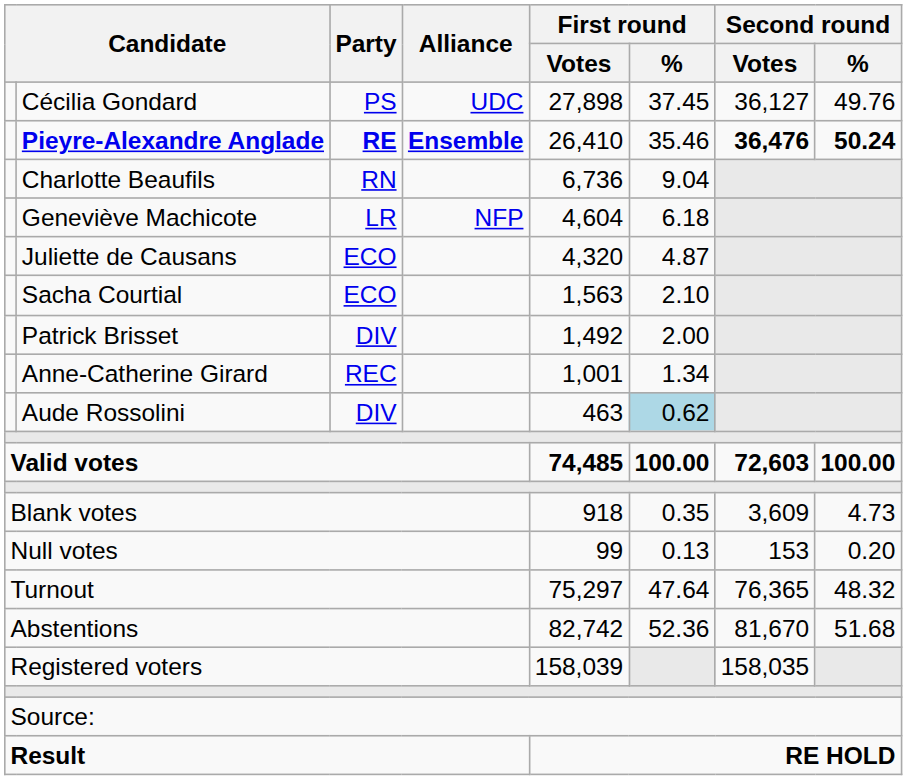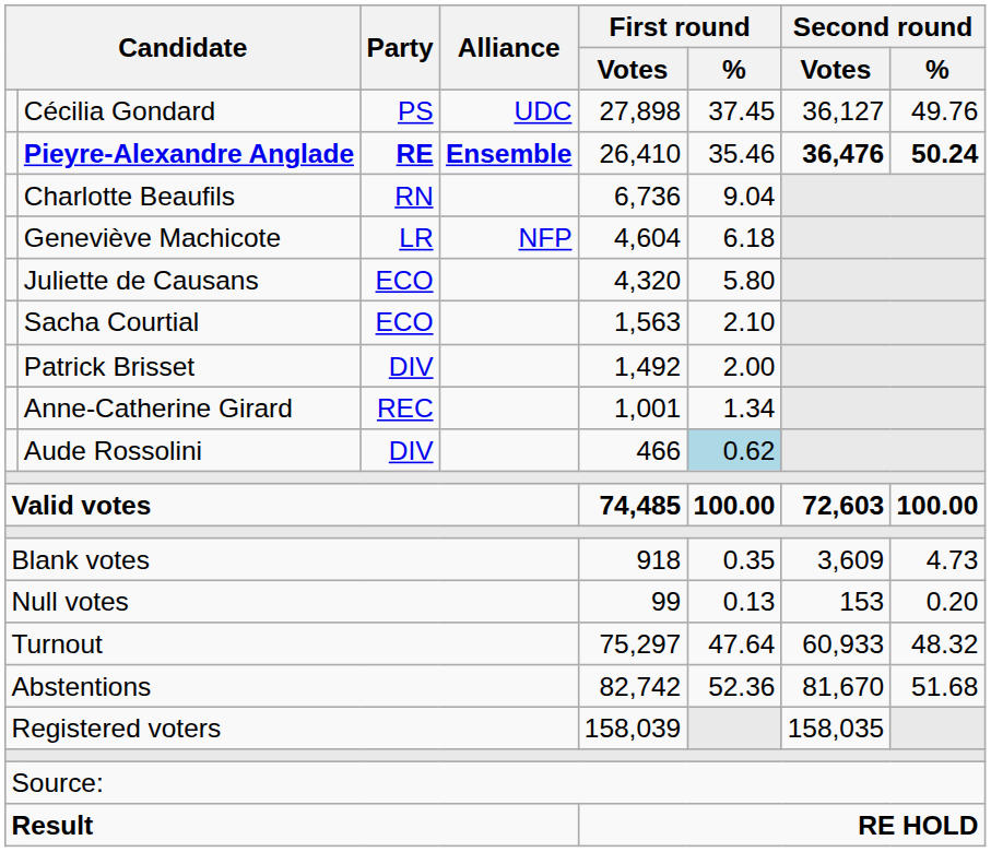 <table class="wikitable" style="text-align:right;font-size:95%;">
 <tr>
 <th colspan="2" rowspan="2">Candidate</th>
 <th colspan="1" rowspan="2">Party</th>
 <th colspan="1" rowspan="2">Alliance</th>
 <th colspan="2">First round</th>
 <th colspan="2">Second round</th>
 </tr>
 <tr>
 <th style="width:50px;">Votes</th>
 <th style="width:45px;">%</th>
 <th style="width:50px;">Votes</th>
 <th style="width:45px;">%</th>
 </tr>
 <tr>
 <td style="color:inherit;background:"></td>
 <td style="text-align:left;">Cécilia Gondard</td>
 <td><a href='#'>PS</a></td>
 <td><a href='#'>UDC</a></td>
 <td>27,898</td>
 <td>37.45</td>
 <td>36,127</td>
 <td>49.76</td>
 </tr>
 <tr>
 <td style="color:inherit;background:"></td>
 <td style="text-align:left;"><strong><a href='#'>Pieyre-Alexandre Anglade</a></strong></td>
 <td><a href='#'><strong>RE</strong></a></td>
 <td><a href='#'><strong>Ensemble</strong></a></td>
 <td>26,410</td>
 <td>35.46</td>
 <td><strong>36,476</strong></td>
 <td><strong>50.24</strong></td>
 </tr>
 <tr>
 <td style="color:inherit;background:"></td>
 <td style="text-align:left;">Charlotte Beaufils</td>
 <td><a href='#'>RN</a></td>
 <td></td>
 <td>6,736</td>
 <td>9.04</td>
 <td colspan="2" rowspan="1" style="background:#E9E9E9;"></td>
 </tr>
 <tr>
 <td style="color:inherit;background:"></td>
 <td style="text-align:left;">Geneviève Machicote</td>
 <td><a href='#'>LR</a></td>
 <td><a href='#'>NFP</a></td>
 <td>4,604</td>
 <td>6.18</td>
 <td colspan="2" rowspan="1" style="background:#E9E9E9;"></td>
 </tr>
 <tr>
 <td style="color:inherit;background:"></td>
 <td style="text-align:left;">Juliette de Causans</td>
 <td><a href='#'>ECO</a></td>
 <td></td>
 <td>4,320</td>
-<td>4.87</td>
+<td>5.80</td>
 <td colspan="2" rowspan="1" style="background:#E9E9E9;"></td>
 </tr>
 <tr>
 <td style="color:inherit;background:"></td>
 <td style="text-align:left;">Sacha Courtial</td>
 <td><a href='#'>ECO</a></td>
 <td></td>
 <td>1,563</td>
 <td>2.10</td>
 <td colspan="2" rowspan="1" style="background:#E9E9E9;"></td>
 </tr>
 <tr>
 <td style="color:inherit;background:"></td>
 <td style="text-align:left;">Patrick Brisset</td>
 <td><a href='#'>DIV</a></td>
 <td></td>
 <td>1,492</td>
 <td>2.00</td>
 <td colspan="2" rowspan="1" style="background:#E9E9E9;"></td>
 </tr>
 <tr>
 <td style="color:inherit;background:"></td>
 <td style="text-align:left;">Anne-Catherine Girard</td>
 <td><a href='#'>REC</a></td>
 <td></td>
 <td>1,001</td>
 <td>1.34</td>
 <td colspan="2" rowspan="1" style="background:#E9E9E9;"></td>
 </tr>
 <tr>
 <td style="color:inherit;background:"></td>
 <td style="text-align:left;">Aude Rossolini</td>
 <td><a href='#'>DIV</a></td>
 <td></td>
-<td>463</td>
+<td>466</td>
 <td style="background: lightblue;">0.62</td>
 <td colspan="2" rowspan="1" style="background:#E9E9E9;"></td>
 </tr>
 <tr>
 <td colspan="8" style="background:#E9E9E9;"></td>
 </tr>
 <tr style="font-weight:bold;">
 <td colspan="4" style="text-align:left;">Valid votes</td>
 <td>74,485</td>
 <td>100.00</td>
 <td>72,603</td>
 <td>100.00</td>
 </tr>
 <tr>
 <td colspan="8" style="background:#E9E9E9;"></td>
 </tr>
 <tr>
 <td colspan="4" style="text-align:left;">Blank votes</td>
 <td>918</td>
 <td>0.35</td>
 <td>3,609</td>
 <td>4.73</td>
 </tr>
 <tr>
 <td colspan="4" style="text-align:left;">Null votes</td>
 <td>99</td>
 <td>0.13</td>
 <td>153</td>
 <td>0.20</td>
 </tr>
 <tr>
 <td colspan="4" style="text-align:left;">Turnout</td>
 <td>75,297</td>
 <td>47.64</td>
-<td>76,365</td>
+<td>60,933</td>
 <td>48.32</td>
 </tr>
 <tr>
 <td colspan="4" style="text-align:left;">Abstentions</td>
 <td>82,742</td>
 <td>52.36</td>
 <td>81,670</td>
 <td>51.68</td>
 </tr>
 <tr>
 <td colspan="4" style="text-align:left;">Registered voters</td>
 <td>158,039</td>
 <td style="background:#E9E9E9;"></td>
 <td>158,035</td>
 <td style="background:#E9E9E9;"></td>
 </tr>
 <tr>
 <td colspan="8" style="background:#E9E9E9;"></td>
 </tr>
 <tr>
 <td colspan="8" style="text-align:left;">Source: </td>
 </tr>
 <tr style="font-weight:bold">
 <td colspan="4" style="text-align:left;">Result</td>
 <td colspan="4" style="background-color:">RE HOLD</td>
 </tr>
 </table>
